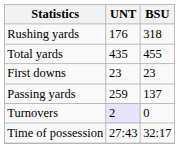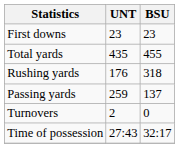 <table class="wikitable">
 <tr>
 <th>Statistics</th>
 <th>UNT</th>
 <th>BSU</th>
 </tr>
 <tr>
-<td>Rushing yards</td>
-<td>176</td>
-<td>318</td>
+<td>First downs</td>
+<td>23</td>
+<td>23</td>
 </tr>
 <tr>
 <td>Total yards</td>
 <td>435</td>
 <td>455</td>
 </tr>
 <tr>
-<td>First downs</td>
-<td>23</td>
-<td>23</td>
+<td>Rushing yards</td>
+<td>176</td>
+<td>318</td>
 </tr>
 <tr>
 <td>Passing yards</td>
 <td>259</td>
 <td>137</td>
 </tr>
 <tr>
 <td>Turnovers</td>
-<td style="background: lavender;">2</td>
+<td>2</td>
 <td>0</td>
 </tr>
 <tr>
 <td>Time of possession</td>
 <td>27:43</td>
 <td>32:17</td>
 </tr>
 <tr>
 </tr>
 </table>
